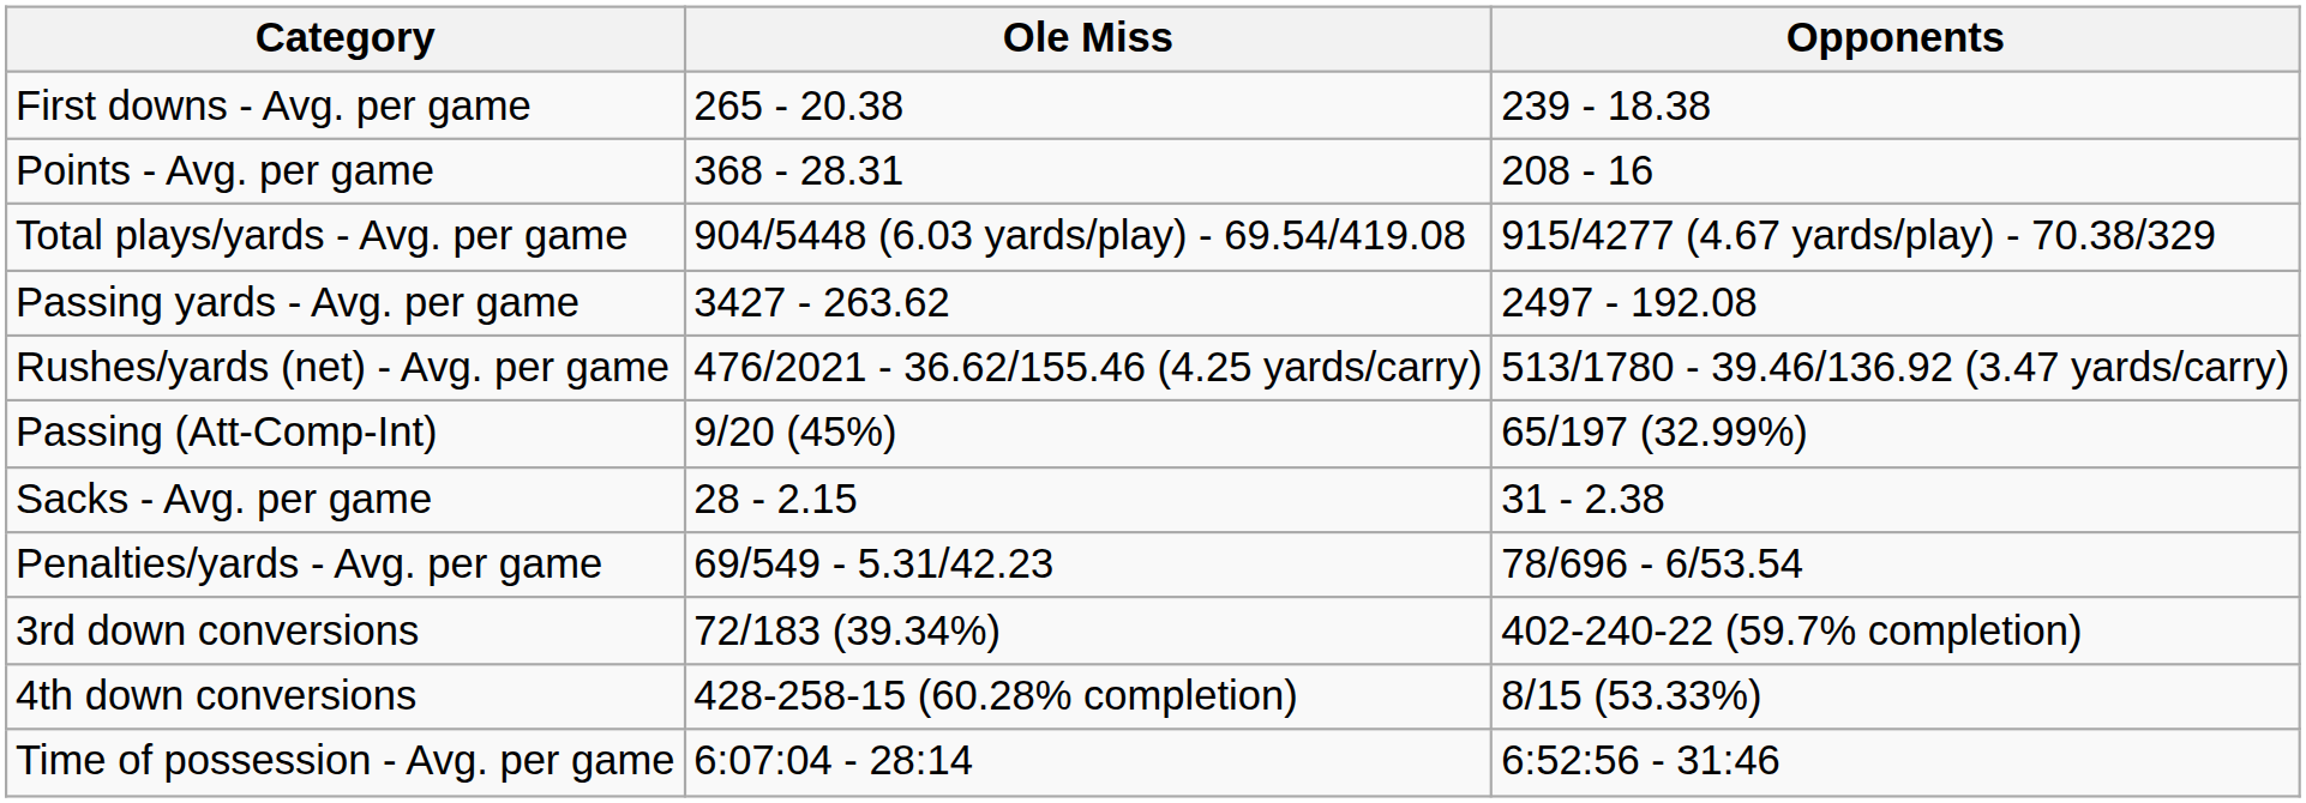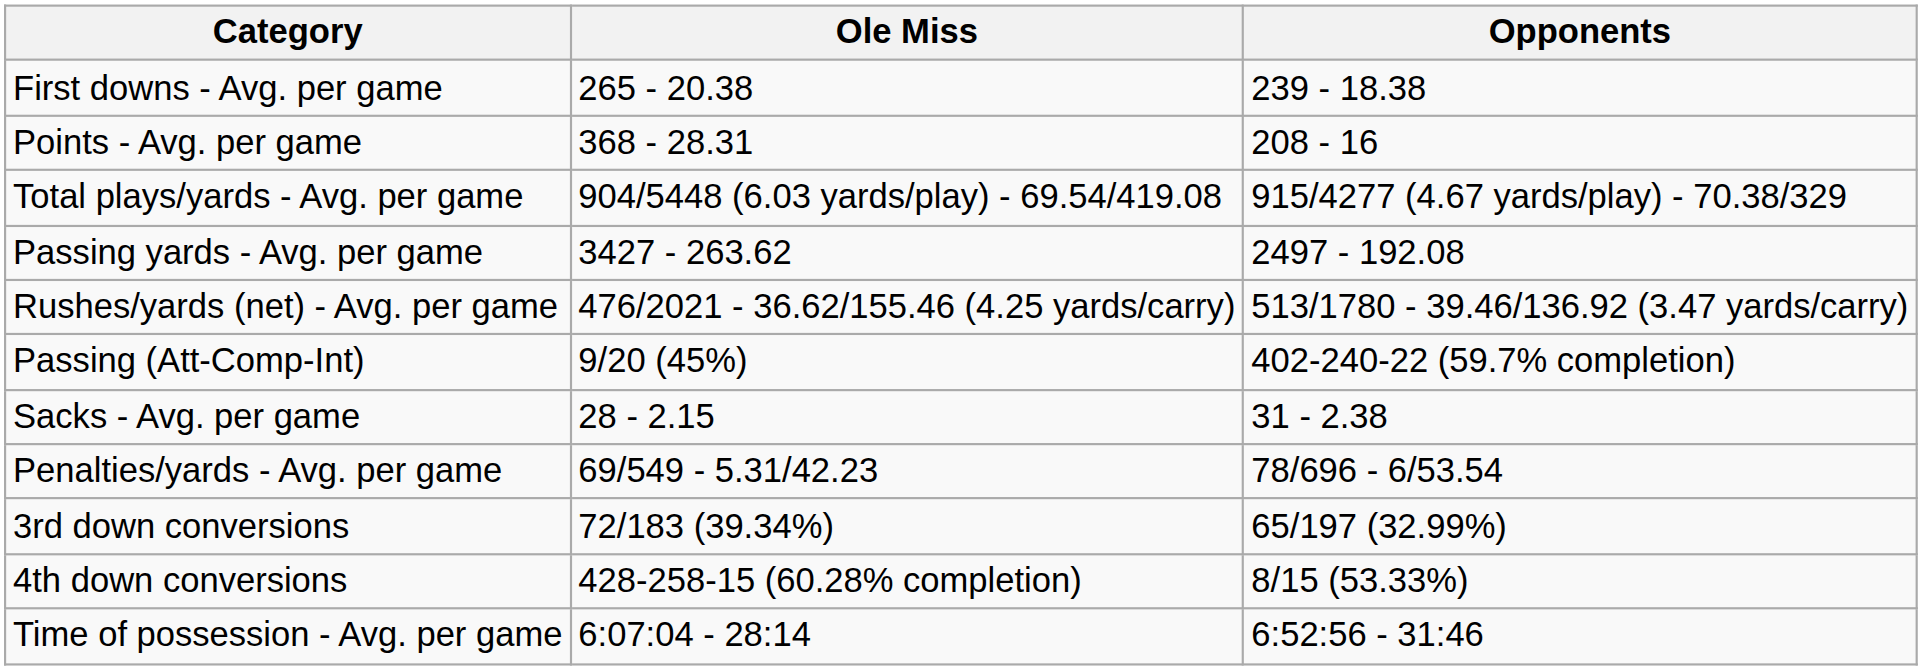 <table class="wikitable" style="float: left;">
 <tr>
 <th>Category</th>
 <th>Ole Miss</th>
 <th>Opponents</th>
 </tr>
 <tr>
 <td>First downs - Avg. per game</td>
 <td>265 - 20.38</td>
 <td>239 - 18.38</td>
 </tr>
 <tr>
 <td>Points - Avg. per game</td>
 <td>368 - 28.31</td>
 <td>208 - 16</td>
 </tr>
 <tr>
 <td>Total plays/yards - Avg. per game</td>
 <td>904/5448 (6.03 yards/play) - 69.54/419.08</td>
 <td>915/4277 (4.67 yards/play) - 70.38/329</td>
 </tr>
 <tr>
 <td>Passing yards - Avg. per game</td>
 <td>3427 - 263.62</td>
 <td>2497 - 192.08</td>
 </tr>
 <tr>
 <td>Rushes/yards (net) - Avg. per game</td>
 <td>476/2021 - 36.62/155.46 (4.25 yards/carry)</td>
 <td>513/1780 - 39.46/136.92 (3.47 yards/carry)</td>
 </tr>
 <tr>
 <td>Passing (Att-Comp-Int)</td>
 <td>9/20 (45%)</td>
-<td>65/197 (32.99%)</td>
+<td>402-240-22 (59.7% completion)</td>
 </tr>
 <tr>
 <td>Sacks - Avg. per game</td>
 <td>28 - 2.15</td>
 <td>31 - 2.38</td>
 </tr>
 <tr>
 <td>Penalties/yards - Avg. per game</td>
 <td>69/549 - 5.31/42.23</td>
 <td>78/696 - 6/53.54</td>
 </tr>
 <tr>
 <td>3rd down conversions</td>
 <td>72/183 (39.34%)</td>
-<td>402-240-22 (59.7% completion)</td>
+<td>65/197 (32.99%)</td>
 </tr>
 <tr>
 <td>4th down conversions</td>
 <td>428-258-15 (60.28% completion)</td>
 <td>8/15 (53.33%)</td>
 </tr>
 <tr>
 <td>Time of possession - Avg. per game</td>
 <td>6:07:04 - 28:14</td>
 <td>6:52:56 - 31:46</td>
 </tr>
 </table>
